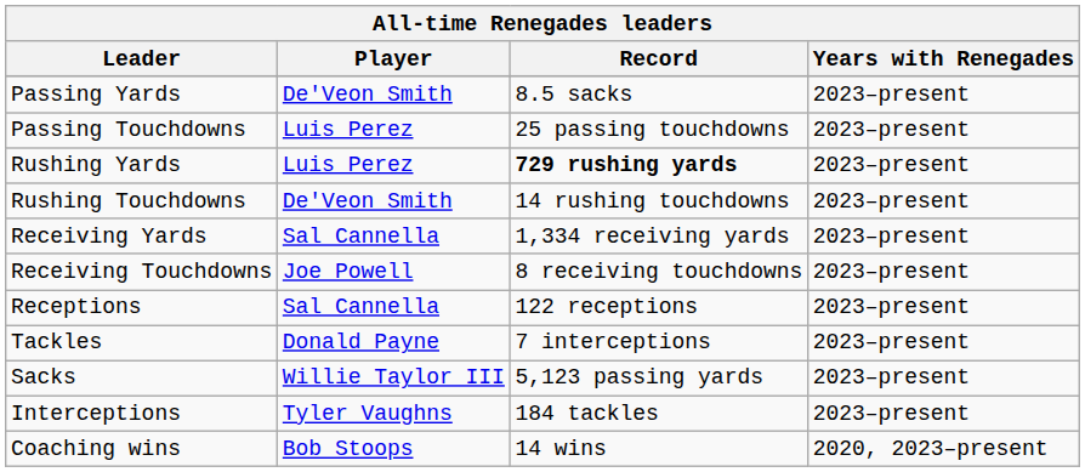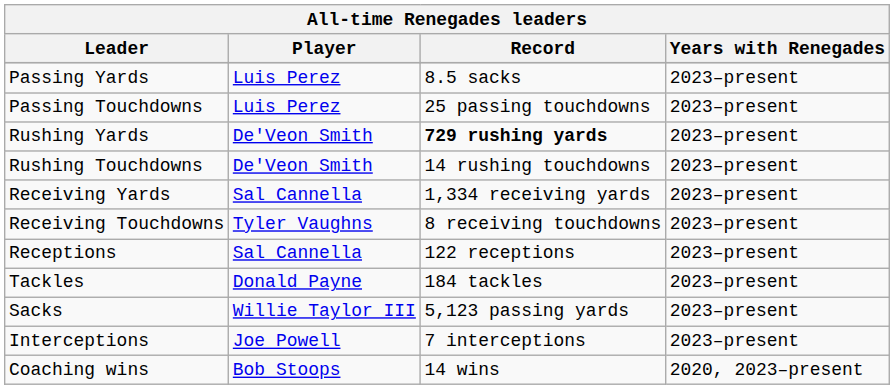 <table class="wikitable">
 <tr>
 <th colspan="5">All-time Renegades leaders</th>
 </tr>
 <tr>
 <th>Leader</th>
 <th>Player</th>
 <th>Record</th>
 <th>Years with Renegades</th>
 </tr>
 <tr>
 </tr>
 <tr>
 <td>Passing Yards</td>
-<td><a href='#'>De'Veon Smith</a></td>
+<td><a href='#'>Luis Perez</a></td>
 <td>8.5 sacks</td>
 <td>2023–present</td>
 </tr>
 <tr>
 <td>Passing Touchdowns</td>
 <td><a href='#'>Luis Perez</a></td>
 <td>25 passing touchdowns</td>
 <td>2023–present</td>
 </tr>
 <tr>
 <td>Rushing Yards</td>
-<td><a href='#'>Luis Perez</a></td>
+<td><a href='#'>De'Veon Smith</a></td>
 <td><strong>729 rushing yards</strong></td>
 <td>2023–present</td>
 </tr>
 <tr>
 <td>Rushing Touchdowns</td>
 <td><a href='#'>De'Veon Smith</a></td>
 <td>14 rushing touchdowns</td>
 <td>2023–present</td>
 </tr>
 <tr>
 <td>Receiving Yards</td>
 <td><a href='#'>Sal Cannella</a></td>
 <td>1,334 receiving yards</td>
 <td>2023–present</td>
 </tr>
 <tr>
 <td>Receiving Touchdowns</td>
-<td><a href='#'>Joe Powell</a></td>
+<td><a href='#'>Tyler Vaughns</a></td>
 <td>8 receiving touchdowns</td>
 <td>2023–present</td>
 </tr>
 <tr>
 <td>Receptions</td>
 <td><a href='#'>Sal Cannella</a></td>
 <td>122 receptions</td>
 <td>2023–present</td>
 </tr>
 <tr>
 <td>Tackles</td>
 <td><a href='#'>Donald Payne</a></td>
-<td>7 interceptions</td>
+<td>184 tackles</td>
 <td>2023–present</td>
 </tr>
 <tr>
 <td>Sacks</td>
 <td><a href='#'>Willie Taylor III</a></td>
 <td>5,123 passing yards</td>
 <td>2023–present</td>
 </tr>
 <tr>
 <td>Interceptions</td>
-<td><a href='#'>Tyler Vaughns</a></td>
-<td>184 tackles</td>
+<td><a href='#'>Joe Powell</a></td>
+<td>7 interceptions</td>
 <td>2023–present</td>
 </tr>
 <tr>
 <td>Coaching wins</td>
 <td><a href='#'>Bob Stoops</a></td>
 <td>14 wins</td>
 <td>2020, 2023–present</td>
 </tr>
 </table>
